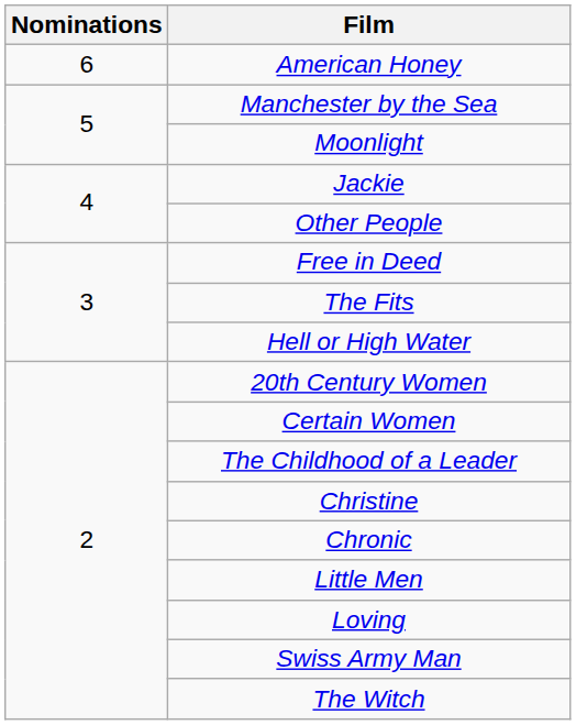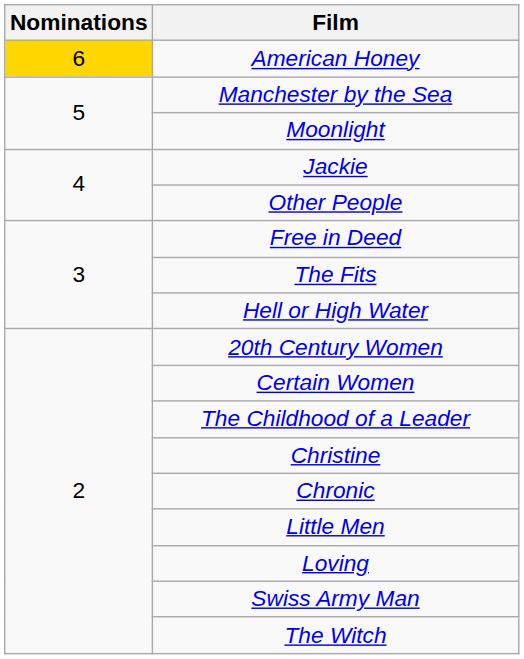 <table class="wikitable" rowspan=2 border=2 style="text-align:center;">
 <tr>
 <th scope="col" width="50">Nominations</th>
 <th scope="col" width="250">Film</th>
 </tr>
 <tr>
-<td>6</td>
+<td style="background: gold;">6</td>
 <td><em><a href='#'>American Honey</a></em></td>
 </tr>
 <tr>
 <td rowspan=2 style="text-align:center;">5</td>
 <td><em><a href='#'>Manchester by the Sea</a></em></td>
 </tr>
 <tr>
 <td><em><a href='#'>Moonlight</a></em></td>
 </tr>
 <tr>
 <td rowspan=2 style="text-align:center;">4</td>
 <td><em><a href='#'>Jackie</a></em></td>
 </tr>
 <tr>
 <td><em><a href='#'>Other People</a></em></td>
 </tr>
 <tr>
 <td rowspan=3 style="text-align:center;">3</td>
 <td><em><a href='#'>Free in Deed</a></em></td>
 </tr>
 <tr>
 <td><em><a href='#'>The Fits</a></em></td>
 </tr>
 <tr>
 <td><em><a href='#'>Hell or High Water</a></em></td>
 </tr>
 <tr>
 <td rowspan=10 style="text-align:center;">2</td>
 <td><em><a href='#'>20th Century Women</a></em></td>
 </tr>
 <tr>
 <td><em><a href='#'>Certain Women</a></em></td>
 </tr>
 <tr>
 <td><em><a href='#'>The Childhood of a Leader</a></em></td>
 </tr>
 <tr>
 <td><em><a href='#'>Christine</a></em></td>
 </tr>
 <tr>
 <td><em><a href='#'>Chronic</a></em></td>
 </tr>
 <tr>
 <td><em><a href='#'>Little Men</a></em></td>
 </tr>
 <tr>
 <td><em><a href='#'>Loving</a></em></td>
 </tr>
 <tr>
 <td><em><a href='#'>Swiss Army Man</a></em></td>
 </tr>
 <tr>
 <td><em><a href='#'>The Witch</a></em></td>
 </tr>
 </table>
